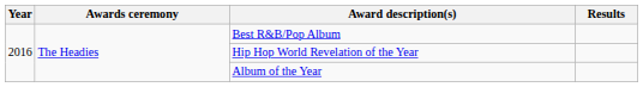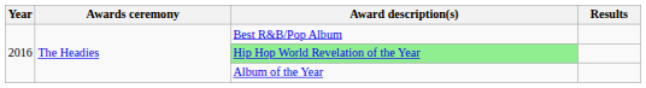 <table class="wikitable">
 <tr>
 <th>Year</th>
 <th width="250">Awards ceremony</th>
 <th width="450">Award description(s)</th>
 <th width="75">Results</th>
 </tr>
 <tr>
 <td rowspan="3">2016</td>
 <td rowspan="3"><a href='#'>The Headies</a></td>
 <td><a href='#'>Best R&B/Pop Album</a></td>
 <td></td>
 </tr>
 <tr>
-<td><a href='#'>Hip Hop World Revelation of the Year</a></td>
+<td style="background: lightgreen;"><a href='#'>Hip Hop World Revelation of the Year</a></td>
 <td></td>
 </tr>
 <tr>
 <td><a href='#'>Album of the Year</a></td>
 <td></td>
 </tr>
 </table>
